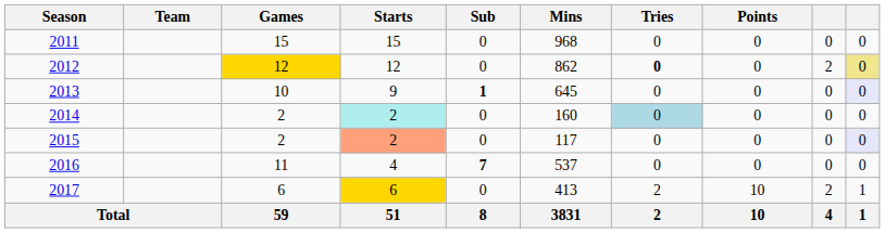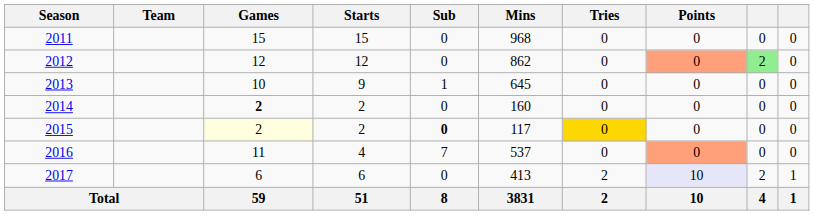 <table class="wikitable" style="text-align:center; font-size:95%; width:70%;">
 <tr>
 <th>Season</th>
 <th>Team</th>
 <th>Games</th>
 <th>Starts</th>
 <th>Sub</th>
 <th>Mins</th>
 <th>Tries</th>
 <th>Points</th>
 <th></th>
 <th></th>
 </tr>
 <tr>
 <td><a href='#'>2011</a></td>
 <td></td>
 <td>15</td>
 <td>15</td>
 <td>0</td>
 <td>968</td>
 <td>0</td>
 <td>0</td>
 <td>0</td>
 <td>0</td>
 </tr>
 <tr>
 <td><a href='#'>2012</a></td>
 <td></td>
-<td style="background: gold;">12</td>
+<td>12</td>
 <td>12</td>
 <td>0</td>
 <td>862</td>
-<td><strong>0</strong></td>
 <td>0</td>
-<td>2</td>
-<td style="background: khaki;">0</td>
+<td style="background: lightsalmon;">0</td>
+<td style="background: lightgreen;">2</td>
+<td>0</td>
 </tr>
 <tr>
 <td><a href='#'>2013</a></td>
 <td></td>
 <td>10</td>
 <td>9</td>
-<td><strong>1</strong></td>
+<td>1</td>
 <td>645</td>
 <td>0</td>
 <td>0</td>
 <td>0</td>
-<td style="background: lavender;">0</td>
+<td>0</td>
 </tr>
 <tr>
 <td><a href='#'>2014</a></td>
 <td></td>
+<td><strong>2</strong></td>
 <td>2</td>
-<td style="background: paleturquoise;">2</td>
 <td>0</td>
 <td>160</td>
-<td style="background: lightblue;">0</td>
+<td>0</td>
 <td>0</td>
 <td>0</td>
 <td>0</td>
 </tr>
 <tr>
 <td><a href='#'>2015</a></td>
 <td></td>
+<td style="background: lightyellow;">2</td>
 <td>2</td>
-<td style="background: lightsalmon;">2</td>
-<td>0</td>
+<td><strong>0</strong></td>
 <td>117</td>
+<td style="background: gold;">0</td>
 <td>0</td>
 <td>0</td>
 <td>0</td>
-<td style="background: lavender;">0</td>
 </tr>
 <tr>
 <td><a href='#'>2016</a></td>
 <td></td>
 <td>11</td>
 <td>4</td>
-<td><strong>7</strong></td>
+<td>7</td>
 <td>537</td>
 <td>0</td>
-<td>0</td>
+<td style="background: lightsalmon;">0</td>
 <td>0</td>
 <td>0</td>
 </tr>
 <tr>
 <td><a href='#'>2017</a></td>
 <td></td>
 <td>6</td>
-<td style="background: gold;">6</td>
+<td>6</td>
 <td>0</td>
 <td>413</td>
 <td>2</td>
-<td>10</td>
+<td style="background: lavender;">10</td>
 <td>2</td>
 <td>1</td>
 </tr>
 <tr>
 <th colspan="2">Total</th>
 <th>59</th>
 <th>51</th>
 <th>8</th>
 <th>3831</th>
 <th>2</th>
 <th>10</th>
 <th>4</th>
 <th>1</th>
 </tr>
 </table>
